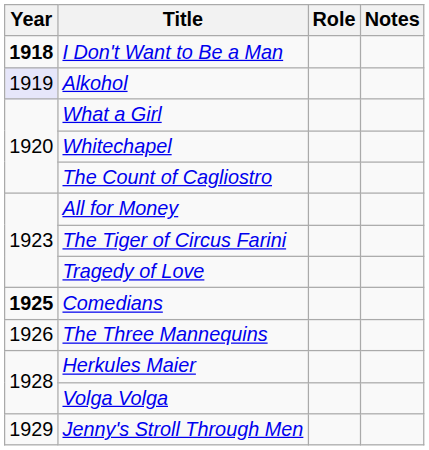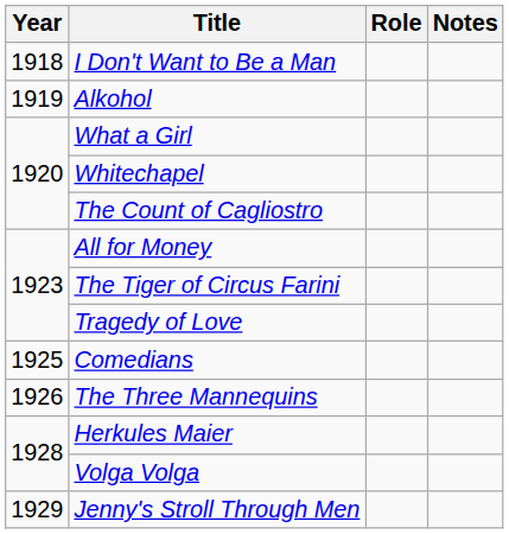 <table class="wikitable sortable">
 <tr>
 <th>Year</th>
 <th>Title</th>
 <th>Role</th>
 <th class="unsortable">Notes</th>
 </tr>
 <tr>
-<td><strong>1918</strong></td>
+<td>1918</td>
 <td><em><a href='#'>I Don't Want to Be a Man</a></em></td>
 <td></td>
 <td></td>
 </tr>
 <tr>
-<td style="background: lavender;">1919</td>
+<td>1919</td>
 <td><em><a href='#'>Alkohol</a></em></td>
 <td></td>
 <td></td>
 </tr>
 <tr>
 <td rowspan=3>1920</td>
 <td><em><a href='#'>What a Girl</a></em></td>
 <td></td>
 <td></td>
 </tr>
 <tr>
 <td><em><a href='#'>Whitechapel</a></em></td>
 <td></td>
 <td></td>
 </tr>
 <tr>
 <td><em><a href='#'>The Count of Cagliostro</a></em></td>
 <td></td>
 <td></td>
 </tr>
 <tr>
 <td rowspan=3>1923</td>
 <td><em><a href='#'>All for Money</a></em></td>
 <td></td>
 <td></td>
 </tr>
 <tr>
 <td><em><a href='#'>The Tiger of Circus Farini</a></em></td>
 <td></td>
 <td></td>
 </tr>
 <tr>
 <td><em><a href='#'>Tragedy of Love</a></em></td>
 <td></td>
 <td></td>
 </tr>
 <tr>
-<td><strong>1925</strong></td>
+<td>1925</td>
 <td><em><a href='#'>Comedians</a></em></td>
 <td></td>
 <td></td>
 </tr>
 <tr>
 <td>1926</td>
 <td><em><a href='#'>The Three Mannequins</a></em></td>
 <td></td>
 <td></td>
 </tr>
 <tr>
 <td rowspan=2>1928</td>
 <td><em><a href='#'>Herkules Maier</a></em></td>
 <td></td>
 <td></td>
 </tr>
 <tr>
 <td><em><a href='#'>Volga Volga</a></em></td>
 <td></td>
 <td></td>
 </tr>
 <tr>
 <td>1929</td>
 <td><em><a href='#'>Jenny's Stroll Through Men</a></em></td>
 <td></td>
 <td></td>
 </tr>
 </table>
